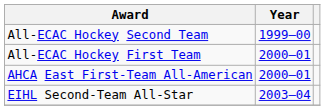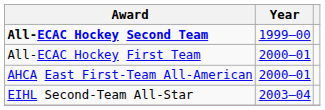 <table class="wikitable">
 <tr>
 <th>Award</th>
 <th>Year</th>
 <th></th>
 </tr>
 <tr>
-<td>All-<a href='#'>ECAC Hockey</a> <a href='#'>Second Team</a></td>
+<td><strong>All-<a href='#'>ECAC Hockey</a> <a href='#'>Second Team</a></strong></td>
 <td><a href='#'>1999–00</a></td>
 <td></td>
 </tr>
 <tr>
 <td>All-<a href='#'>ECAC Hockey</a> <a href='#'>First Team</a></td>
 <td><a href='#'>2000–01</a></td>
 <td></td>
 </tr>
 <tr>
 <td><a href='#'>AHCA</a> <a href='#'>East First-Team All-American</a></td>
 <td><a href='#'>2000–01</a></td>
 <td></td>
 </tr>
 <tr>
 <td><a href='#'>EIHL</a> Second-Team All-Star</td>
 <td><a href='#'>2003–04</a></td>
 <td></td>
 </tr>
 <tr>
 </tr>
 </table>
